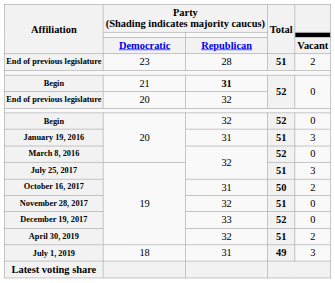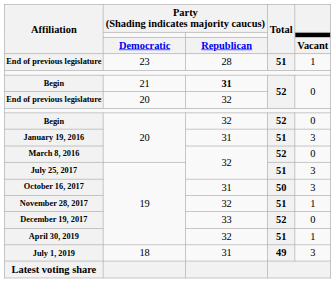 <table class="wikitable" style="text-align:center">
 <tr>
 <th rowspan="3">Affiliation</th>
 <th colspan="2">Party<div>(Shading indicates majority caucus)</div></th>
 <th rowspan="3">Total</th>
 <th></th>
 </tr>
 <tr style="height:5px">
 <td style="background-color:"></td>
 <td style="background-color:"></td>
 <td style="background: black"></td>
 </tr>
 <tr>
 <th><a href='#'>Democratic</a></th>
 <th><a href='#'>Republican</a></th>
 <th>Vacant</th>
 </tr>
 <tr>
 <th nowrap="" style="font-size:80%">End of previous legislature</th>
 <td>23</td>
 <td>28</td>
 <th>51</th>
-<td>2</td>
+<td>1</td>
 </tr>
 <tr>
 <td colspan="5"></td>
 </tr>
 <tr>
 <th nowrap="" style="font-size:80%">Begin</th>
 <td>21</td>
 <td><strong>31</strong></td>
 <th rowspan="2">52</th>
 <td rowspan="2">0</td>
 </tr>
 <tr>
 <th nowrap="" style="font-size:80%">End of previous legislature</th>
 <td>20</td>
 <td>32</td>
 </tr>
 <tr>
 <td colspan="5"></td>
 </tr>
 <tr>
 <th nowrap="" style="font-size:80%">Begin</th>
 <td rowspan="3">20</td>
 <td>32</td>
 <th>52</th>
 <td>0</td>
 </tr>
 <tr>
 <th nowrap="" style="font-size:80%">January 19, 2016</th>
 <td>31</td>
 <th>51</th>
 <td>3</td>
 </tr>
 <tr>
 <th nowrap="" style="font-size:80%">March 8, 2016</th>
 <td rowspan="2" >32</td>
 <th>52</th>
 <td>0</td>
 </tr>
 <tr>
 <th nowrap="" style="font-size:80%">July 25, 2017</th>
 <td rowspan="5">19</td>
 <th>51</th>
 <td>3</td>
 </tr>
 <tr>
 <th nowrap="" style="font-size:80%">October 16, 2017</th>
 <td>31</td>
 <th>50</th>
-<td>2</td>
+<td>3</td>
 </tr>
 <tr>
 <th nowrap="" style="font-size:80%">November 28, 2017</th>
 <td>32</td>
 <th>51</th>
-<td>0</td>
+<td>1</td>
 </tr>
 <tr>
 <th nowrap="" style="font-size:80%">December 19, 2017</th>
 <td>33</td>
 <th>52</th>
 <td>0</td>
 </tr>
 <tr>
 <th nowrap="" style="font-size:80%">April 30, 2019</th>
 <td>32</td>
 <th>51</th>
-<td>2</td>
+<td>1</td>
 </tr>
 <tr>
 <th nowrap="" style="font-size:80%">July 1, 2019</th>
 <td>18</td>
 <td>31</td>
 <th>49</th>
 <td>3</td>
 </tr>
 <tr>
 <th>Latest voting share</th>
 <th></th>
 <th></th>
 <th colspan="2"></th>
 </tr>
 </table>
